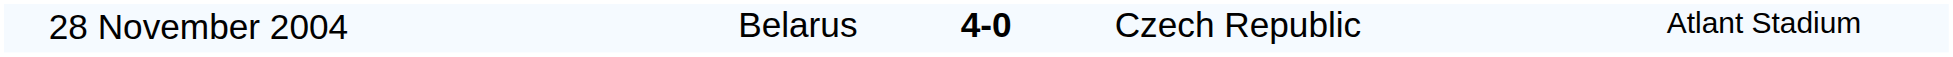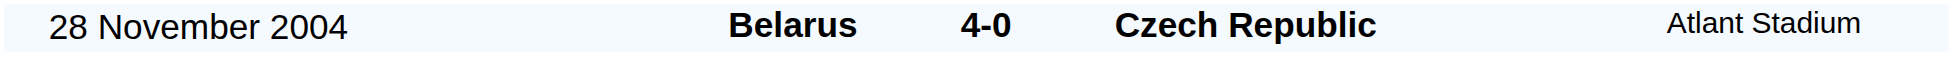 <table style="width: 100%; background:#F5FAFF;" cellspacing="0">
 <tr>
 <td align=center rowspan=3 width=20%>28 November 2004</td>
 </tr>
 <tr>
-<td width=24% align=right>Belarus </td>
+<td width=24% align=right><strong>Belarus </strong></td>
 <td align=center width=13%><strong>4-0</strong></td>
-<td width=24%> Czech Republic</td>
+<td width=24%><strong> Czech Republic</strong></td>
 <td style=font-size:85% rowspan=3 valign=top align=center>Atlant Stadium</td>
 </tr>
 <tr style=font-size:85%>
 <td align=right valign=top></td>
 <td></td>
 <td></td>
 </tr>
 </table>
